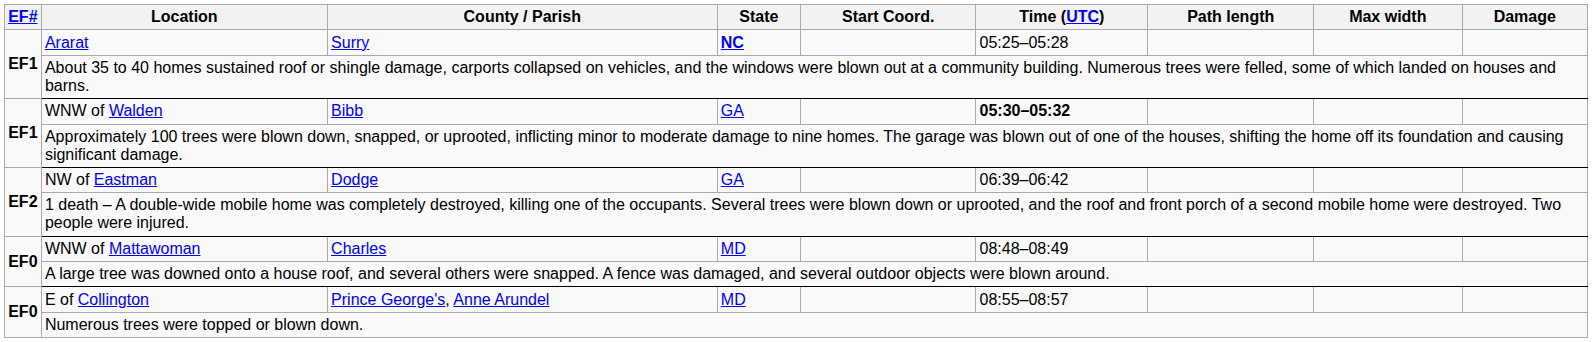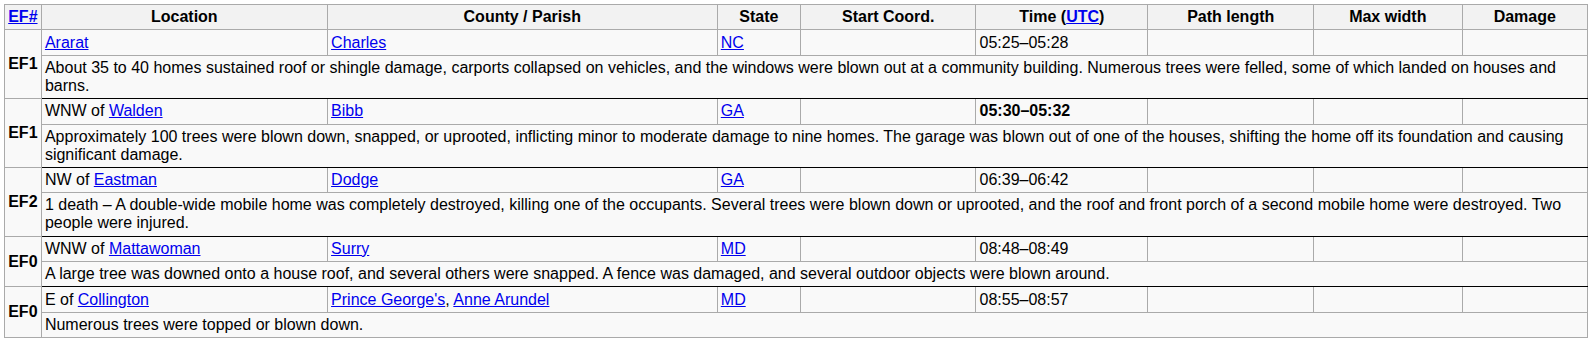 <table class="wikitable sortable" style="width:100%;">
 <tr>
 <th scope="col" width="2%" align="center"><a href='#'>EF#</a></th>
 <th scope="col" align="center" class="unsortable">Location</th>
 <th scope="col" align="center" class="unsortable">County / Parish</th>
 <th scope="col" align="center">State</th>
 <th scope="col" align="center" data-sort-type="number">Start Coord.</th>
 <th scope="col" align="center" data-sort-type="number">Time (<a href='#'>UTC</a>)</th>
 <th scope="col" align="center" data-sort-type="number">Path length</th>
 <th scope="col" align="center" data-sort-type="number">Max width</th>
 <th scope="col" align="center" data-sort-type="number">Damage<br></th>
 </tr>
 <tr>
 <td rowspan="2" align="center"><strong>EF1</strong></td>
 <td><a href='#'>Ararat</a></td>
-<td><a href='#'>Surry</a></td>
-<td><strong><a href='#'>NC</a></strong></td>
+<td><a href='#'>Charles</a></td>
+<td><a href='#'>NC</a></td>
 <td></td>
 <td>05:25–05:28</td>
 <td></td>
 <td></td>
 <td></td>
 </tr>
 <tr class="expand-child">
 <td colspan="8" style=" border-bottom: 1px solid black;">About 35 to 40 homes sustained roof or shingle damage, carports collapsed on vehicles, and the windows were blown out at a community building. Numerous trees were felled, some of which landed on houses and barns.</td>
 </tr>
 <tr>
 <td rowspan="2" align="center"><strong>EF1</strong></td>
 <td>WNW of <a href='#'>Walden</a></td>
 <td><a href='#'>Bibb</a></td>
 <td><a href='#'>GA</a></td>
 <td></td>
 <td><strong>05:30–05:32</strong></td>
 <td></td>
 <td></td>
 <td></td>
 </tr>
 <tr class="expand-child">
 <td colspan="8" style=" border-bottom: 1px solid black;">Approximately 100 trees were blown down, snapped, or uprooted, inflicting minor to moderate damage to nine homes. The garage was blown out of one of the houses, shifting the home off its foundation and causing significant damage.</td>
 </tr>
 <tr>
 <td rowspan="2" align="center"><strong>EF2</strong></td>
 <td>NW of <a href='#'>Eastman</a></td>
 <td><a href='#'>Dodge</a></td>
 <td><a href='#'>GA</a></td>
 <td></td>
 <td>06:39–06:42</td>
 <td></td>
 <td></td>
 <td></td>
 </tr>
 <tr class="expand-child">
 <td colspan="8" style=" border-bottom: 1px solid black;">1 death – A double-wide mobile home was completely destroyed, killing one of the occupants. Several trees were blown down or uprooted, and the roof and front porch of a second mobile home were destroyed. Two people were injured.</td>
 </tr>
 <tr>
 <td rowspan="2" align="center"><strong>EF0</strong></td>
 <td>WNW of <a href='#'>Mattawoman</a></td>
-<td><a href='#'>Charles</a></td>
+<td><a href='#'>Surry</a></td>
 <td><a href='#'>MD</a></td>
 <td></td>
 <td>08:48–08:49</td>
 <td></td>
 <td></td>
 <td></td>
 </tr>
 <tr class="expand-child">
 <td colspan="8" style=" border-bottom: 1px solid black;">A large tree was downed onto a house roof, and several others were snapped. A fence was damaged, and several outdoor objects were blown around.</td>
 </tr>
 <tr>
 <td rowspan="2" align="center"><strong>EF0</strong></td>
 <td>E of <a href='#'>Collington</a></td>
 <td><a href='#'>Prince George's</a>, <a href='#'>Anne Arundel</a></td>
 <td><a href='#'>MD</a></td>
 <td></td>
 <td>08:55–08:57</td>
 <td></td>
 <td></td>
 <td></td>
 </tr>
 <tr class="expand-child">
 <td colspan="8" style=" border-bottom: 1px solid black;">Numerous trees were topped or blown down.</td>
 </tr>
 <tr>
 </tr>
 </table>
